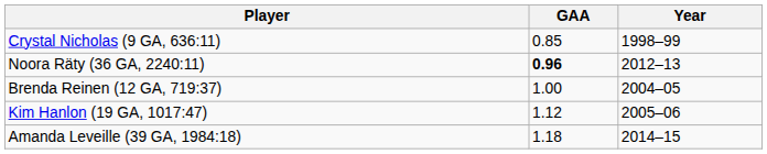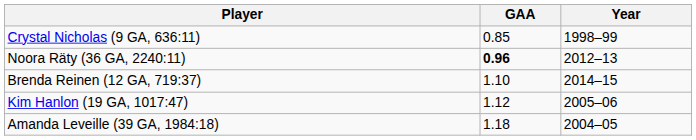 <table class="wikitable" style="width: 50em">
 <tr>
 <th>Player</th>
 <th>GAA</th>
 <th>Year</th>
 </tr>
 <tr>
 <td><a href='#'>Crystal Nicholas</a> (9 GA, 636:11)</td>
 <td>0.85</td>
 <td>1998–99</td>
 </tr>
 <tr>
 <td>Noora Räty (36 GA, 2240:11)</td>
 <td><strong>0.96</strong></td>
 <td>2012–13</td>
 </tr>
 <tr>
 <td>Brenda Reinen (12 GA, 719:37)</td>
-<td>1.00</td>
-<td>2004–05</td>
+<td>1.10</td>
+<td>2014–15</td>
 </tr>
 <tr>
 <td><a href='#'>Kim Hanlon</a> (19 GA, 1017:47)</td>
 <td>1.12</td>
 <td>2005–06</td>
 </tr>
 <tr>
 <td>Amanda Leveille (39 GA, 1984:18)</td>
 <td>1.18</td>
-<td>2014–15</td>
+<td>2004–05</td>
 </tr>
 </table>
